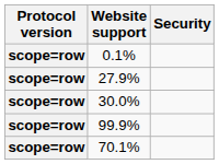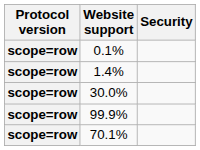 <table class="wikitable"style=text-align:center>
 <tr>
 <th scope=col>Protocol<br>version</th>
 <th scope=col>Website<br>support</th>
 <th scope=col>Security</th>
 </tr>
 <tr>
 <th>scope=row </th>
 <td>0.1%</td>
 <td></td>
 </tr>
 <tr>
 <th>scope=row </th>
-<td>27.9%</td>
+<td>1.4%</td>
 <td></td>
 </tr>
 <tr>
 <th>scope=row </th>
 <td>30.0%</td>
 <td></td>
 </tr>
 <tr>
 <th>scope=row </th>
 <td>99.9%</td>
 <td></td>
 </tr>
 <tr>
 <th>scope=row </th>
 <td>70.1%</td>
 <td></td>
 </tr>
 </table>
